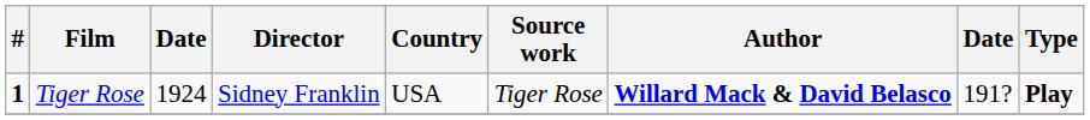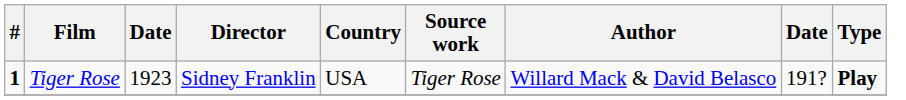 <table class="wikitable">
 <tr>
 <th>#</th>
 <th>Film</th>
 <th>Date</th>
 <th>Director</th>
 <th>Country</th>
 <th>Source<br>work</th>
 <th>Author</th>
 <th>Date</th>
 <th>Type</th>
 </tr>
 <tr>
 <td><strong>1</strong></td>
 <td><em><a href='#'>Tiger Rose</a></em></td>
-<td>1924</td>
+<td>1923</td>
 <td><a href='#'>Sidney Franklin</a></td>
 <td>USA</td>
 <td><em>Tiger Rose</em></td>
-<td><strong><a href='#'>Willard Mack</a> & <a href='#'>David Belasco</a></strong></td>
+<td><a href='#'>Willard Mack</a> & <a href='#'>David Belasco</a></td>
 <td>191?</td>
 <td><strong>Play</strong></td>
 </tr>
 <tr>
 </tr>
 </table>
